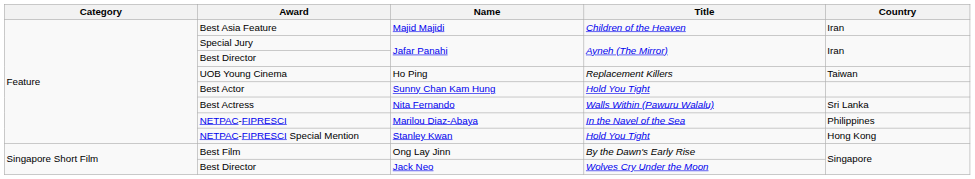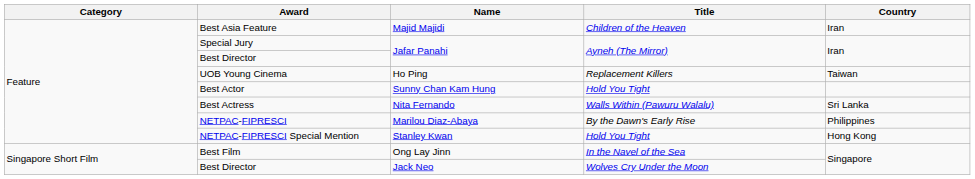 <table class="wikitable" width="100%">
 <tr>
 <th width="20%" scope="col">Category</th>
 <th width="20%" scope="col">Award</th>
 <th width="20%" scope="col">Name</th>
 <th width="25%" scope="col">Title</th>
 <th width="15%" scope="col">Country</th>
 </tr>
 <tr>
 <td rowspan="8">Feature</td>
 <td>Best Asia Feature</td>
 <td><a href='#'>Majid Majidi</a></td>
 <td><em><a href='#'>Children of the Heaven</a></em></td>
 <td>Iran</td>
 </tr>
 <tr>
 <td>Special Jury</td>
 <td rowspan="2"><a href='#'>Jafar Panahi</a></td>
 <td rowspan="2"><em><a href='#'>Ayneh (The Mirror)</a></em></td>
 <td rowspan="2">Iran</td>
 </tr>
 <tr>
 <td>Best Director</td>
 </tr>
 <tr>
 <td>UOB Young Cinema</td>
 <td>Ho Ping</td>
 <td><em>Replacement Killers</em></td>
 <td>Taiwan</td>
 </tr>
 <tr>
 <td>Best Actor</td>
 <td><a href='#'>Sunny Chan Kam Hung</a></td>
 <td><em><a href='#'>Hold You Tight</a></em></td>
 <td></td>
 </tr>
 <tr>
 <td>Best Actress</td>
 <td><a href='#'>Nita Fernando</a></td>
 <td><em><a href='#'>Walls Within (Pawuru Walalu)</a></em></td>
 <td>Sri Lanka</td>
 </tr>
 <tr>
 <td><a href='#'>NETPAC</a>-<a href='#'>FIPRESCI</a></td>
 <td><a href='#'>Marilou Diaz-Abaya</a></td>
-<td><em><a href='#'>In the Navel of the Sea</a></em></td>
+<td><em>By the Dawn's Early Rise</em></td>
 <td>Philippines</td>
 </tr>
 <tr>
 <td><a href='#'>NETPAC</a>-<a href='#'>FIPRESCI</a> Special Mention</td>
 <td><a href='#'>Stanley Kwan</a></td>
 <td><em><a href='#'>Hold You Tight</a></em></td>
 <td>Hong Kong</td>
 </tr>
 <tr>
 <td rowspan="2">Singapore Short Film</td>
 <td>Best Film</td>
 <td>Ong Lay Jinn</td>
-<td><em>By the Dawn's Early Rise</em></td>
+<td><em><a href='#'>In the Navel of the Sea</a></em></td>
 <td rowspan="2">Singapore</td>
 </tr>
 <tr>
 <td>Best Director</td>
 <td><a href='#'>Jack Neo</a></td>
 <td><em><a href='#'>Wolves Cry Under the Moon</a></em></td>
 </tr>
 </table>
